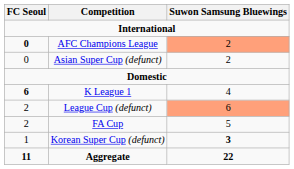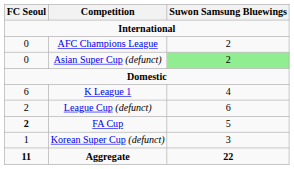 <table class="wikitable" width="auto" text-align: center;">
 <tr>
 <th>FC Seoul</th>
 <th>Competition</th>
 <th>Suwon Samsung Bluewings</th>
 </tr>
 <tr align="center">
 <td colspan="4"><strong>International</strong></td>
 </tr>
 <tr align="center">
-<td><strong>0</strong></td>
+<td>0</td>
 <td><a href='#'>AFC Champions League</a></td>
-<td style="background: lightsalmon;">2</td>
+<td>2</td>
 </tr>
 <tr align="center">
 <td>0</td>
 <td><a href='#'>Asian Super Cup</a> <em>(defunct)</em></td>
-<td>2</td>
+<td style="background: lightgreen;">2</td>
 </tr>
 <tr align="center">
 <td colspan="4"><strong>Domestic</strong></td>
 </tr>
 <tr align="center">
-<td><strong>6</strong></td>
+<td>6</td>
 <td><a href='#'>K League 1</a></td>
 <td>4</td>
 </tr>
 <tr align="center">
 <td>2</td>
 <td><a href='#'>League Cup</a> <em>(defunct)</em></td>
-<td style="background: lightsalmon;">6</td>
+<td>6</td>
 </tr>
 <tr align="center">
-<td>2</td>
+<td><strong>2</strong></td>
 <td><a href='#'>FA Cup</a></td>
 <td>5</td>
 </tr>
 <tr align="center">
 <td>1</td>
 <td><a href='#'>Korean Super Cup</a> <em>(defunct)</em></td>
-<td><strong>3</strong></td>
+<td>3</td>
 </tr>
 <tr align="center">
 <td><strong>11</strong></td>
 <td><strong>Aggregate</strong></td>
 <td><strong>22</strong></td>
 </tr>
 </table>
